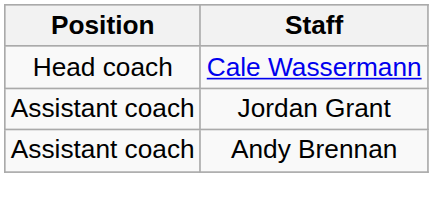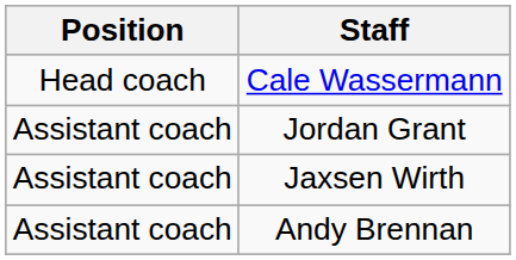 <table class="wikitable" style="text-align: center;">
 <tr>
 <th>Position</th>
 <th>Staff</th>
 </tr>
 <tr>
 <td>Head coach</td>
 <td><a href='#'>Cale Wassermann</a></td>
 </tr>
 <tr>
 <td>Assistant coach</td>
 <td>Jordan Grant</td>
 </tr>
 <tr>
 <td>Assistant coach</td>
+<td>Jaxsen Wirth</td>
+</tr>
+<tr>
+<td>Assistant coach</td>
 <td>Andy Brennan</td>
 </tr>
 </table>
